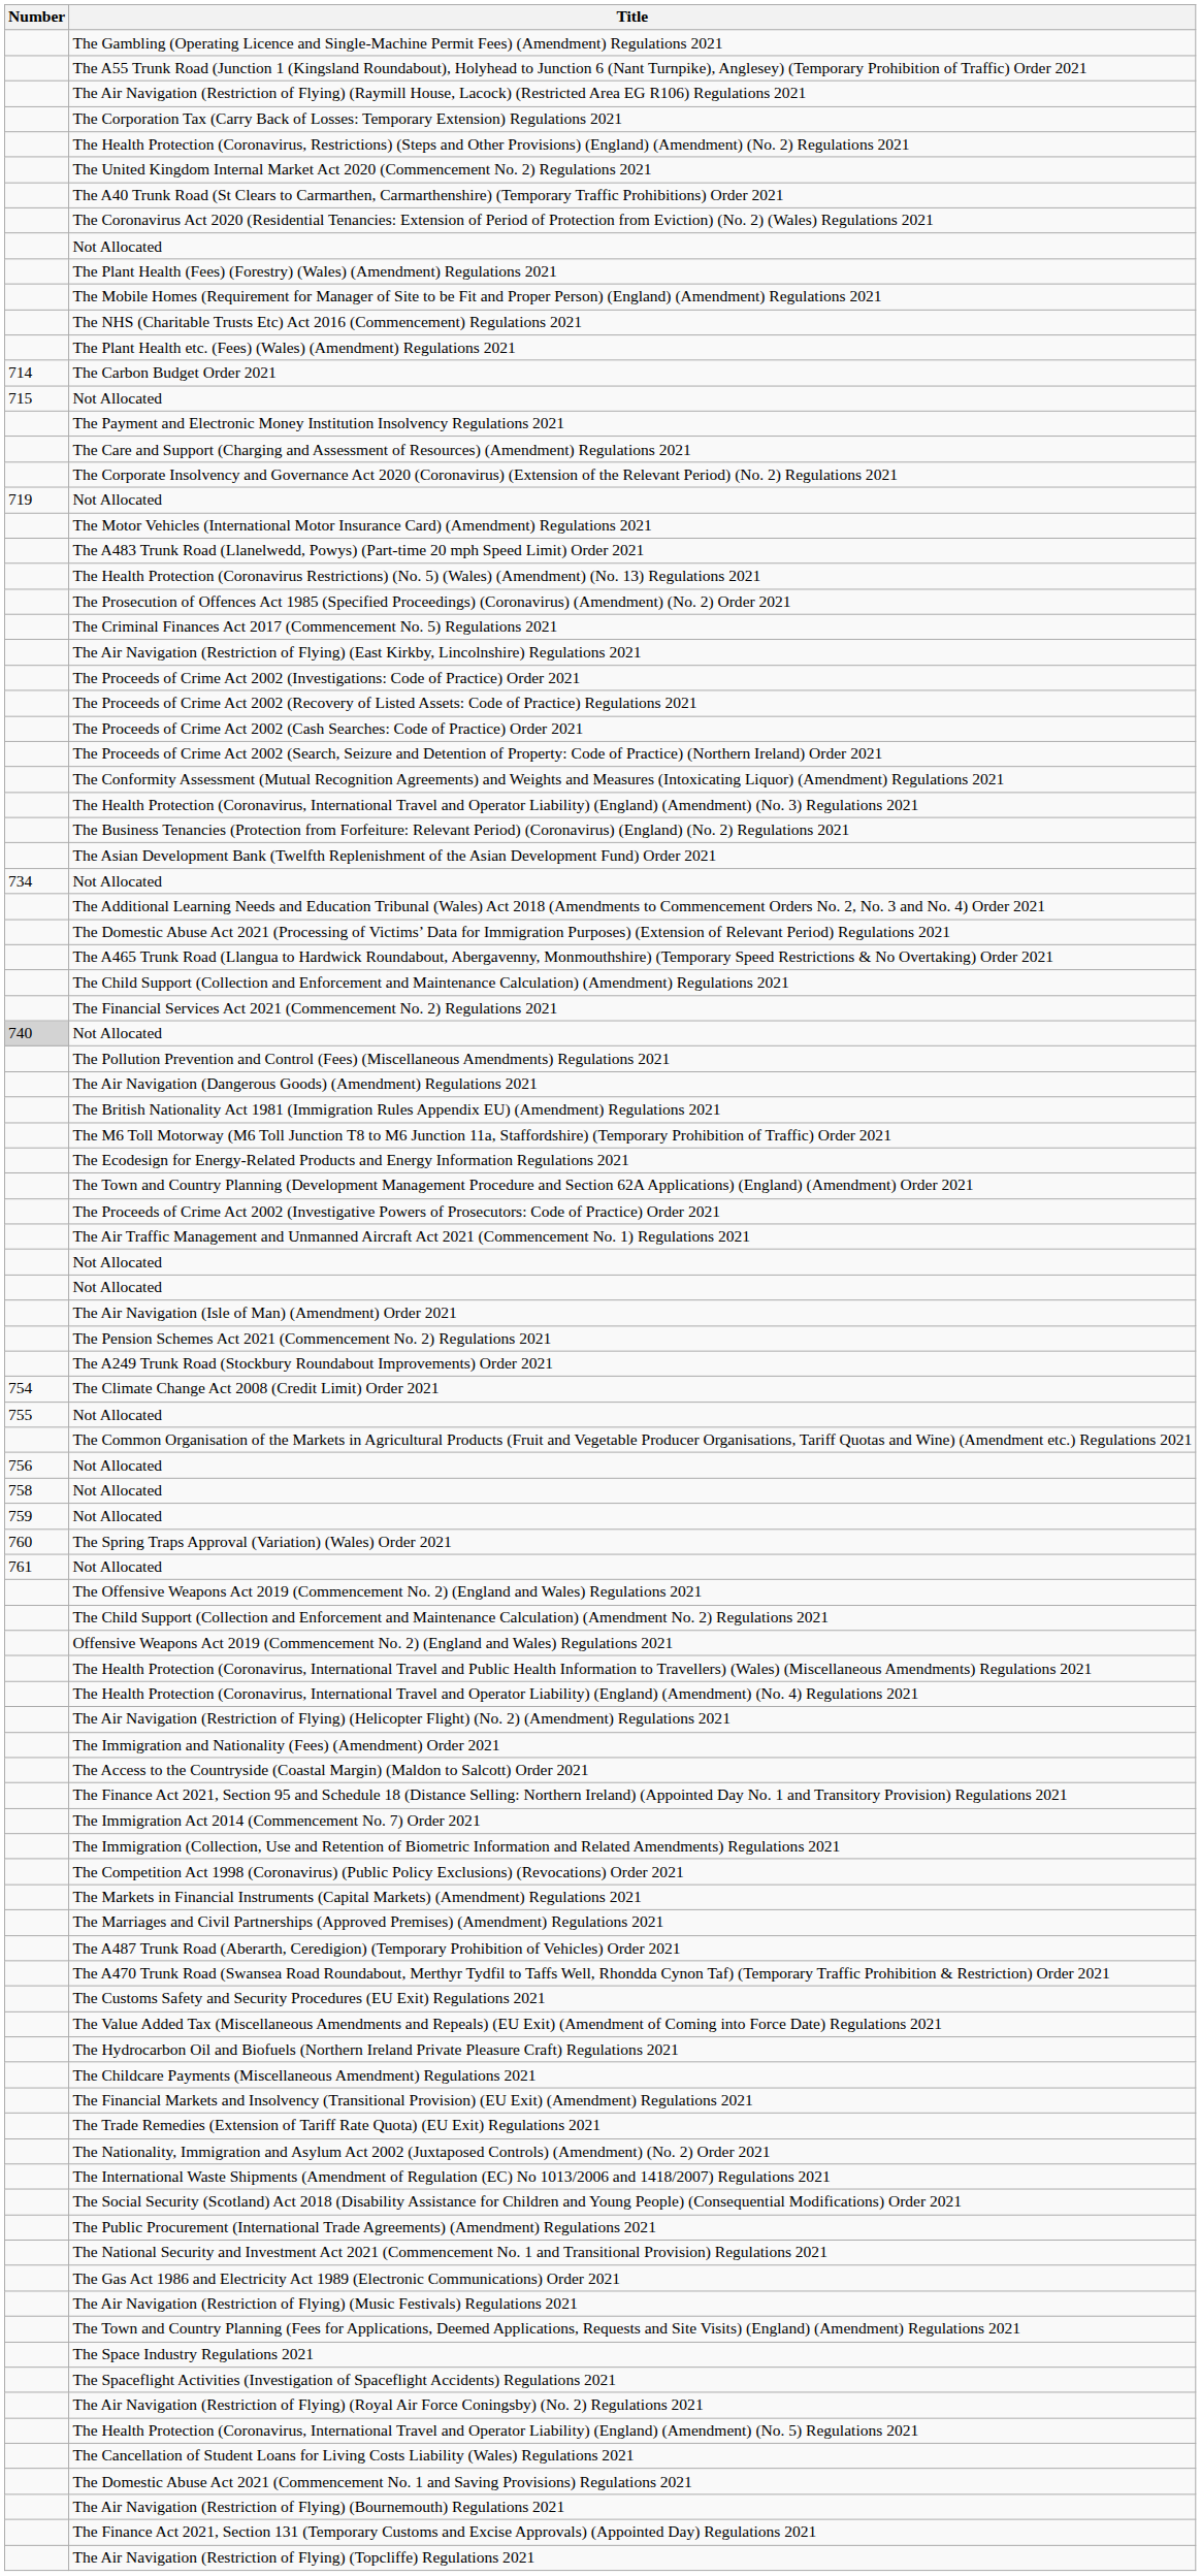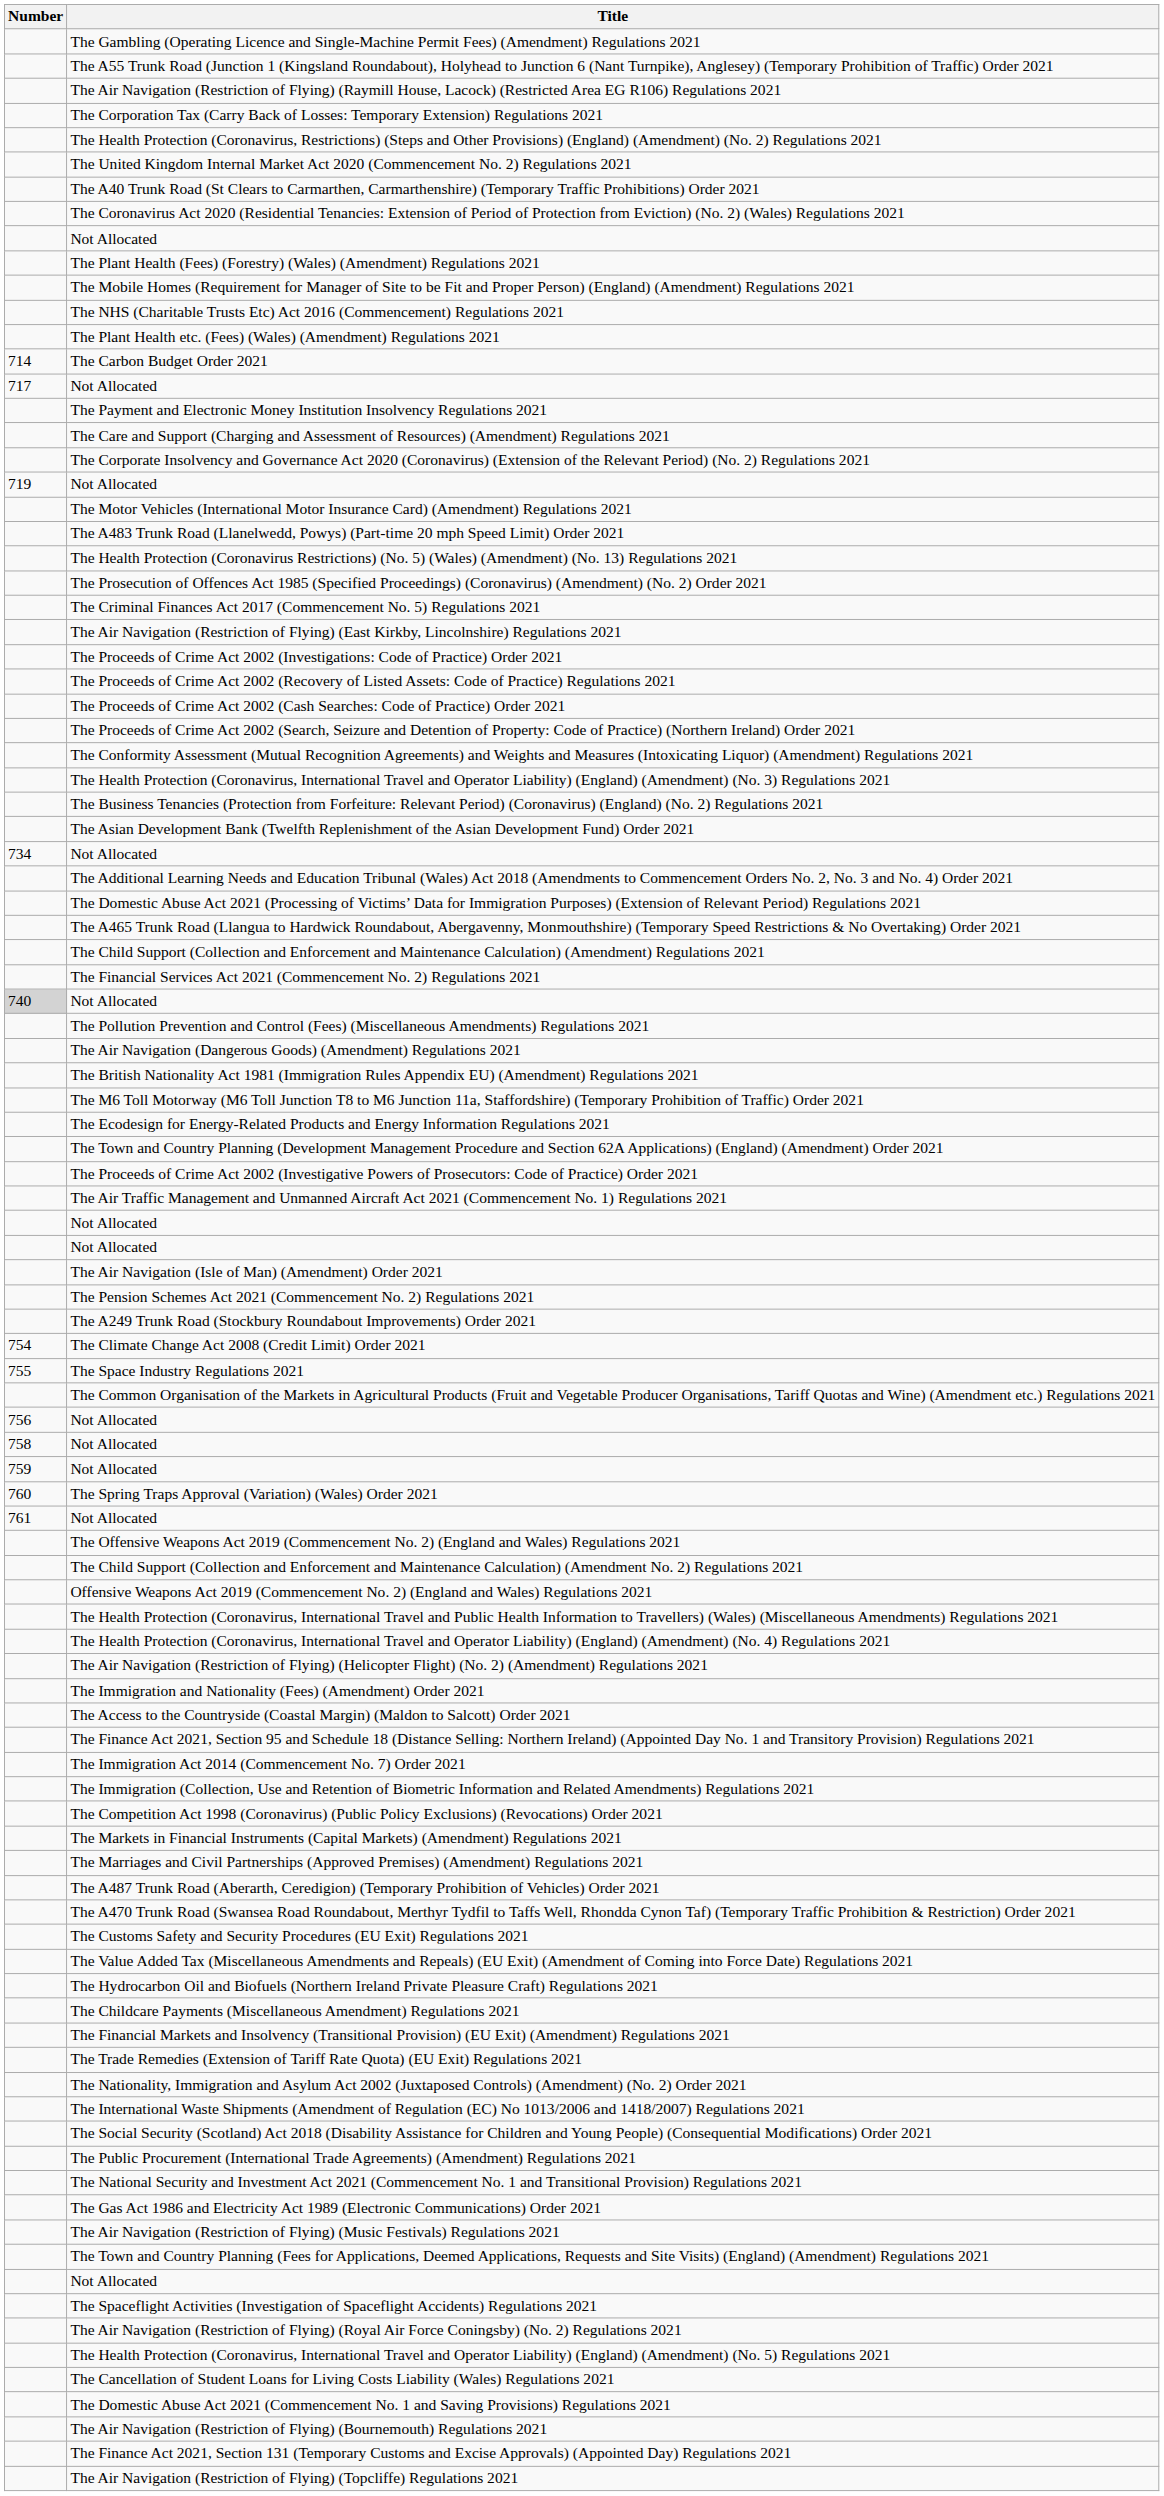 <table class="wikitable collapsible">
 <tr>
 <th>Number</th>
 <th>Title</th>
 </tr>
 <tr>
 <td></td>
 <td>The Gambling (Operating Licence and Single-Machine Permit Fees) (Amendment) Regulations 2021</td>
 </tr>
 <tr>
 <td></td>
 <td>The A55 Trunk Road (Junction 1 (Kingsland Roundabout), Holyhead to Junction 6 (Nant Turnpike), Anglesey) (Temporary Prohibition of Traffic) Order 2021</td>
 </tr>
 <tr>
 <td></td>
 <td>The Air Navigation (Restriction of Flying) (Raymill House, Lacock) (Restricted Area EG R106) Regulations 2021</td>
 </tr>
 <tr>
 <td></td>
 <td>The Corporation Tax (Carry Back of Losses: Temporary Extension) Regulations 2021</td>
 </tr>
 <tr>
 <td></td>
 <td>The Health Protection (Coronavirus, Restrictions) (Steps and Other Provisions) (England) (Amendment) (No. 2) Regulations 2021</td>
 </tr>
 <tr>
 <td></td>
 <td>The United Kingdom Internal Market Act 2020 (Commencement No. 2) Regulations 2021</td>
 </tr>
 <tr>
 <td></td>
 <td>The A40 Trunk Road (St Clears to Carmarthen, Carmarthenshire) (Temporary Traffic Prohibitions) Order 2021</td>
 </tr>
 <tr>
 <td></td>
 <td>The Coronavirus Act 2020 (Residential Tenancies: Extension of Period of Protection from Eviction) (No. 2) (Wales) Regulations 2021</td>
 </tr>
 <tr>
 <td></td>
 <td>Not Allocated</td>
 </tr>
 <tr>
 <td></td>
 <td>The Plant Health (Fees) (Forestry) (Wales) (Amendment) Regulations 2021</td>
 </tr>
 <tr>
 <td></td>
 <td>The Mobile Homes (Requirement for Manager of Site to be Fit and Proper Person) (England) (Amendment) Regulations 2021</td>
 </tr>
 <tr>
 <td></td>
 <td>The NHS (Charitable Trusts Etc) Act 2016 (Commencement) Regulations 2021</td>
 </tr>
 <tr>
 <td></td>
 <td>The Plant Health etc. (Fees) (Wales) (Amendment) Regulations 2021</td>
 </tr>
 <tr>
 <td>714</td>
 <td>The Carbon Budget Order 2021</td>
 </tr>
 <tr>
-<td>715</td>
+<td>717</td>
 <td>Not Allocated</td>
 </tr>
 <tr>
 <td></td>
 <td>The Payment and Electronic Money Institution Insolvency Regulations 2021</td>
 </tr>
 <tr>
 <td></td>
 <td>The Care and Support (Charging and Assessment of Resources) (Amendment) Regulations 2021</td>
 </tr>
 <tr>
 <td></td>
 <td>The Corporate Insolvency and Governance Act 2020 (Coronavirus) (Extension of the Relevant Period) (No. 2) Regulations 2021</td>
 </tr>
 <tr>
 <td>719</td>
 <td>Not Allocated</td>
 </tr>
 <tr>
 <td></td>
 <td>The Motor Vehicles (International Motor Insurance Card) (Amendment) Regulations 2021</td>
 </tr>
 <tr>
 <td></td>
 <td>The A483 Trunk Road (Llanelwedd, Powys) (Part-time 20 mph Speed Limit) Order 2021</td>
 </tr>
 <tr>
 <td></td>
 <td>The Health Protection (Coronavirus Restrictions) (No. 5) (Wales) (Amendment) (No. 13) Regulations 2021</td>
 </tr>
 <tr>
 <td></td>
 <td>The Prosecution of Offences Act 1985 (Specified Proceedings) (Coronavirus) (Amendment) (No. 2) Order 2021</td>
 </tr>
 <tr>
 <td></td>
 <td>The Criminal Finances Act 2017 (Commencement No. 5) Regulations 2021</td>
 </tr>
 <tr>
 <td></td>
 <td>The Air Navigation (Restriction of Flying) (East Kirkby, Lincolnshire) Regulations 2021</td>
 </tr>
 <tr>
 <td></td>
 <td>The Proceeds of Crime Act 2002 (Investigations: Code of Practice) Order 2021</td>
 </tr>
 <tr>
 <td></td>
 <td>The Proceeds of Crime Act 2002 (Recovery of Listed Assets: Code of Practice) Regulations 2021</td>
 </tr>
 <tr>
 <td></td>
 <td>The Proceeds of Crime Act 2002 (Cash Searches: Code of Practice) Order 2021</td>
 </tr>
 <tr>
 <td></td>
 <td>The Proceeds of Crime Act 2002 (Search, Seizure and Detention of Property: Code of Practice) (Northern Ireland) Order 2021</td>
 </tr>
 <tr>
 <td></td>
 <td>The Conformity Assessment (Mutual Recognition Agreements) and Weights and Measures (Intoxicating Liquor) (Amendment) Regulations 2021</td>
 </tr>
 <tr>
 <td></td>
 <td>The Health Protection (Coronavirus, International Travel and Operator Liability) (England) (Amendment) (No. 3) Regulations 2021</td>
 </tr>
 <tr>
 <td></td>
 <td>The Business Tenancies (Protection from Forfeiture: Relevant Period) (Coronavirus) (England) (No. 2) Regulations 2021</td>
 </tr>
 <tr>
 <td></td>
 <td>The Asian Development Bank (Twelfth Replenishment of the Asian Development Fund) Order 2021</td>
 </tr>
 <tr>
 <td>734</td>
 <td>Not Allocated</td>
 </tr>
 <tr>
 <td></td>
 <td>The Additional Learning Needs and Education Tribunal (Wales) Act 2018 (Amendments to Commencement Orders No. 2, No. 3 and No. 4) Order 2021</td>
 </tr>
 <tr>
 <td></td>
 <td>The Domestic Abuse Act 2021 (Processing of Victims’ Data for Immigration Purposes) (Extension of Relevant Period) Regulations 2021</td>
 </tr>
 <tr>
 <td></td>
 <td>The A465 Trunk Road (Llangua to Hardwick Roundabout, Abergavenny, Monmouthshire) (Temporary Speed Restrictions & No Overtaking) Order 2021</td>
 </tr>
 <tr>
 <td></td>
 <td>The Child Support (Collection and Enforcement and Maintenance Calculation) (Amendment) Regulations 2021</td>
 </tr>
 <tr>
 <td></td>
 <td>The Financial Services Act 2021 (Commencement No. 2) Regulations 2021</td>
 </tr>
 <tr>
 <td style="background: lightgrey;">740</td>
 <td>Not Allocated</td>
 </tr>
 <tr>
 <td></td>
 <td>The Pollution Prevention and Control (Fees) (Miscellaneous Amendments) Regulations 2021</td>
 </tr>
 <tr>
 <td></td>
 <td>The Air Navigation (Dangerous Goods) (Amendment) Regulations 2021</td>
 </tr>
 <tr>
 <td></td>
 <td>The British Nationality Act 1981 (Immigration Rules Appendix EU) (Amendment) Regulations 2021</td>
 </tr>
 <tr>
 <td></td>
 <td>The M6 Toll Motorway (M6 Toll Junction T8 to M6 Junction 11a, Staffordshire) (Temporary Prohibition of Traffic) Order 2021</td>
 </tr>
 <tr>
 <td></td>
 <td>The Ecodesign for Energy-Related Products and Energy Information Regulations 2021</td>
 </tr>
 <tr>
 <td></td>
 <td>The Town and Country Planning (Development Management Procedure and Section 62A Applications) (England) (Amendment) Order 2021</td>
 </tr>
 <tr>
 <td></td>
 <td>The Proceeds of Crime Act 2002 (Investigative Powers of Prosecutors: Code of Practice) Order 2021</td>
 </tr>
 <tr>
 <td></td>
 <td>The Air Traffic Management and Unmanned Aircraft Act 2021 (Commencement No. 1) Regulations 2021</td>
 </tr>
 <tr>
 <td></td>
 <td>Not Allocated</td>
 </tr>
 <tr>
 <td></td>
 <td>Not Allocated</td>
 </tr>
 <tr>
 <td></td>
 <td>The Air Navigation (Isle of Man) (Amendment) Order 2021</td>
 </tr>
 <tr>
 <td></td>
 <td>The Pension Schemes Act 2021 (Commencement No. 2) Regulations 2021</td>
 </tr>
 <tr>
 <td></td>
 <td>The A249 Trunk Road (Stockbury Roundabout Improvements) Order 2021</td>
 </tr>
 <tr>
 <td>754</td>
 <td>The Climate Change Act 2008 (Credit Limit) Order 2021</td>
 </tr>
 <tr>
 <td>755</td>
-<td>Not Allocated</td>
+<td>The Space Industry Regulations 2021</td>
 </tr>
 <tr>
 <td></td>
 <td>The Common Organisation of the Markets in Agricultural Products (Fruit and Vegetable Producer Organisations, Tariff Quotas and Wine) (Amendment etc.) Regulations 2021</td>
 </tr>
 <tr>
 <td>756</td>
 <td>Not Allocated</td>
 </tr>
 <tr>
 <td>758</td>
 <td>Not Allocated</td>
 </tr>
 <tr>
 <td>759</td>
 <td>Not Allocated</td>
 </tr>
 <tr>
 <td>760</td>
 <td>The Spring Traps Approval (Variation) (Wales) Order 2021</td>
 </tr>
 <tr>
 <td>761</td>
 <td>Not Allocated</td>
 </tr>
 <tr>
 <td></td>
 <td>The Offensive Weapons Act 2019 (Commencement No. 2) (England and Wales) Regulations 2021</td>
 </tr>
 <tr>
 <td></td>
 <td>The Child Support (Collection and Enforcement and Maintenance Calculation) (Amendment No. 2) Regulations 2021</td>
 </tr>
 <tr>
 <td></td>
 <td>Offensive Weapons Act 2019 (Commencement No. 2) (England and Wales) Regulations 2021</td>
 </tr>
 <tr>
 <td></td>
 <td>The Health Protection (Coronavirus, International Travel and Public Health Information to Travellers) (Wales) (Miscellaneous Amendments) Regulations 2021</td>
 </tr>
 <tr>
 <td></td>
 <td>The Health Protection (Coronavirus, International Travel and Operator Liability) (England) (Amendment) (No. 4) Regulations 2021</td>
 </tr>
 <tr>
 <td></td>
 <td>The Air Navigation (Restriction of Flying) (Helicopter Flight) (No. 2) (Amendment) Regulations 2021</td>
 </tr>
 <tr>
 <td></td>
 <td>The Immigration and Nationality (Fees) (Amendment) Order 2021</td>
 </tr>
 <tr>
 <td></td>
 <td>The Access to the Countryside (Coastal Margin) (Maldon to Salcott) Order 2021</td>
 </tr>
 <tr>
 <td></td>
 <td>The Finance Act 2021, Section 95 and Schedule 18 (Distance Selling: Northern Ireland) (Appointed Day No. 1 and Transitory Provision) Regulations 2021</td>
 </tr>
 <tr>
 <td></td>
 <td>The Immigration Act 2014 (Commencement No. 7) Order 2021</td>
 </tr>
 <tr>
 <td></td>
 <td>The Immigration (Collection, Use and Retention of Biometric Information and Related Amendments) Regulations 2021</td>
 </tr>
 <tr>
 <td></td>
 <td>The Competition Act 1998 (Coronavirus) (Public Policy Exclusions) (Revocations) Order 2021</td>
 </tr>
 <tr>
 <td></td>
 <td>The Markets in Financial Instruments (Capital Markets) (Amendment) Regulations 2021</td>
 </tr>
 <tr>
 <td></td>
 <td>The Marriages and Civil Partnerships (Approved Premises) (Amendment) Regulations 2021</td>
 </tr>
 <tr>
 <td></td>
 <td>The A487 Trunk Road (Aberarth, Ceredigion) (Temporary Prohibition of Vehicles) Order 2021</td>
 </tr>
 <tr>
 <td></td>
 <td>The A470 Trunk Road (Swansea Road Roundabout, Merthyr Tydfil to Taffs Well, Rhondda Cynon Taf) (Temporary Traffic Prohibition & Restriction) Order 2021</td>
 </tr>
 <tr>
 <td></td>
 <td>The Customs Safety and Security Procedures (EU Exit) Regulations 2021</td>
 </tr>
 <tr>
 <td></td>
 <td>The Value Added Tax (Miscellaneous Amendments and Repeals) (EU Exit) (Amendment of Coming into Force Date) Regulations 2021</td>
 </tr>
 <tr>
 <td></td>
 <td>The Hydrocarbon Oil and Biofuels (Northern Ireland Private Pleasure Craft) Regulations 2021</td>
 </tr>
 <tr>
 <td></td>
 <td>The Childcare Payments (Miscellaneous Amendment) Regulations 2021</td>
 </tr>
 <tr>
 <td></td>
 <td>The Financial Markets and Insolvency (Transitional Provision) (EU Exit) (Amendment) Regulations 2021</td>
 </tr>
 <tr>
 <td></td>
 <td>The Trade Remedies (Extension of Tariff Rate Quota) (EU Exit) Regulations 2021</td>
 </tr>
 <tr>
 <td></td>
 <td>The Nationality, Immigration and Asylum Act 2002 (Juxtaposed Controls) (Amendment) (No. 2) Order 2021</td>
 </tr>
 <tr>
 <td></td>
 <td>The International Waste Shipments (Amendment of Regulation (EC) No 1013/2006 and 1418/2007) Regulations 2021</td>
 </tr>
 <tr>
 <td></td>
 <td>The Social Security (Scotland) Act 2018 (Disability Assistance for Children and Young People) (Consequential Modifications) Order 2021</td>
 </tr>
 <tr>
 <td></td>
 <td>The Public Procurement (International Trade Agreements) (Amendment) Regulations 2021</td>
 </tr>
 <tr>
 <td></td>
 <td>The National Security and Investment Act 2021 (Commencement No. 1 and Transitional Provision) Regulations 2021</td>
 </tr>
 <tr>
 <td></td>
 <td>The Gas Act 1986 and Electricity Act 1989 (Electronic Communications) Order 2021</td>
 </tr>
 <tr>
 <td></td>
 <td>The Air Navigation (Restriction of Flying) (Music Festivals) Regulations 2021</td>
 </tr>
 <tr>
 <td></td>
 <td>The Town and Country Planning (Fees for Applications, Deemed Applications, Requests and Site Visits) (England) (Amendment) Regulations 2021</td>
 </tr>
 <tr>
 <td></td>
-<td>The Space Industry Regulations 2021</td>
+<td>Not Allocated</td>
 </tr>
 <tr>
 <td></td>
 <td>The Spaceflight Activities (Investigation of Spaceflight Accidents) Regulations 2021</td>
 </tr>
 <tr>
 <td></td>
 <td>The Air Navigation (Restriction of Flying) (Royal Air Force Coningsby) (No. 2) Regulations 2021</td>
 </tr>
 <tr>
 <td></td>
 <td>The Health Protection (Coronavirus, International Travel and Operator Liability) (England) (Amendment) (No. 5) Regulations 2021</td>
 </tr>
 <tr>
 <td></td>
 <td>The Cancellation of Student Loans for Living Costs Liability (Wales) Regulations 2021</td>
 </tr>
 <tr>
 <td></td>
 <td>The Domestic Abuse Act 2021 (Commencement No. 1 and Saving Provisions) Regulations 2021</td>
 </tr>
 <tr>
 <td></td>
 <td>The Air Navigation (Restriction of Flying) (Bournemouth) Regulations 2021</td>
 </tr>
 <tr>
 <td></td>
 <td>The Finance Act 2021, Section 131 (Temporary Customs and Excise Approvals) (Appointed Day) Regulations 2021</td>
 </tr>
 <tr>
 <td></td>
 <td>The Air Navigation (Restriction of Flying) (Topcliffe) Regulations 2021</td>
 </tr>
 </table>
